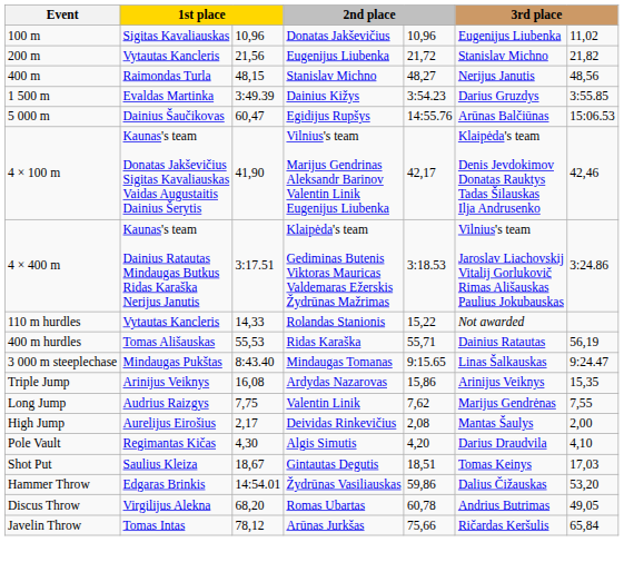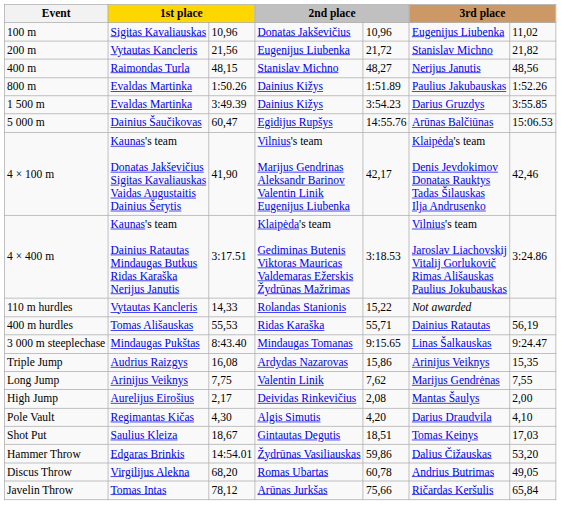 <table class="wikitable">
 <tr>
 <th>Event</th>
 <th style="background:gold;" colspan=2>1st place</th>
 <th style="background:silver;" colspan=2>2nd place</th>
 <th style="background:#CC9966;" colspan=2>3rd place</th>
 </tr>
 <tr>
 <td>100 m</td>
 <td><a href='#'>Sigitas Kavaliauskas</a></td>
 <td>10,96</td>
 <td><a href='#'>Donatas Jakševičius</a></td>
 <td>10,96</td>
 <td><a href='#'>Eugenijus Liubenka</a></td>
 <td>11,02</td>
 </tr>
 <tr>
 <td>200 m</td>
 <td><a href='#'>Vytautas Kancleris</a></td>
 <td>21,56</td>
 <td><a href='#'>Eugenijus Liubenka</a></td>
 <td>21,72</td>
 <td><a href='#'>Stanislav Michno</a></td>
 <td>21,82</td>
 </tr>
 <tr>
 <td>400 m</td>
 <td><a href='#'>Raimondas Turla</a></td>
 <td>48,15</td>
 <td><a href='#'>Stanislav Michno</a></td>
 <td>48,27</td>
 <td><a href='#'>Nerijus Janutis</a></td>
 <td>48,56</td>
+</tr>
+<tr>
+<td>800 m</td>
+<td><a href='#'>Evaldas Martinka</a></td>
+<td>1:50.26</td>
+<td><a href='#'>Dainius Kižys</a></td>
+<td>1:51.89</td>
+<td><a href='#'>Paulius Jakubauskas</a></td>
+<td>1:52.26</td>
 </tr>
 <tr>
 <td>1 500 m</td>
 <td><a href='#'>Evaldas Martinka</a></td>
 <td>3:49.39</td>
 <td><a href='#'>Dainius Kižys</a></td>
 <td>3:54.23</td>
 <td><a href='#'>Darius Gruzdys</a></td>
 <td>3:55.85</td>
 </tr>
 <tr>
 <td>5 000 m</td>
 <td><a href='#'>Dainius Šaučikovas</a></td>
 <td>60,47</td>
 <td><a href='#'>Egidijus Rupšys</a></td>
 <td>14:55.76</td>
 <td><a href='#'>Arūnas Balčiūnas</a></td>
 <td>15:06.53</td>
 </tr>
 <tr>
 <td>4 × 100 m</td>
 <td><a href='#'>Kaunas</a>'s team<br><br><a href='#'>Donatas Jakševičius</a><br> <a href='#'>Sigitas Kavaliauskas</a><br> <a href='#'>Vaidas Augustaitis</a><br> <a href='#'>Dainius Šerytis</a><br></td>
 <td>41,90</td>
 <td><a href='#'>Vilnius</a>'s team <br><br><a href='#'>Marijus Gendrinas</a><br> <a href='#'>Aleksandr Barinov</a><br> <a href='#'>Valentin Linik</a><br> <a href='#'>Eugenijus Liubenka</a><br></td>
 <td>42,17</td>
 <td><a href='#'>Klaipėda</a>'s team <br><br><a href='#'>Denis Jevdokimov</a><br> <a href='#'>Donatas Rauktys</a><br> <a href='#'>Tadas Šilauskas</a><br> <a href='#'>Ilja Andrusenko</a><br></td>
 <td>42,46</td>
 </tr>
 <tr>
 <td>4 × 400 m</td>
 <td><a href='#'>Kaunas</a>'s team<br><br><a href='#'>Dainius Ratautas</a><br> <a href='#'>Mindaugas Butkus</a><br> <a href='#'>Ridas Karaška</a><br> <a href='#'>Nerijus Janutis</a><br></td>
 <td>3:17.51</td>
 <td><a href='#'>Klaipėda</a>'s team<br><br><a href='#'>Gediminas Butenis</a><br> <a href='#'>Viktoras Mauricas</a><br> <a href='#'>Valdemaras Ežerskis</a><br> <a href='#'>Žydrūnas Mažrimas</a><br></td>
 <td>3:18.53</td>
 <td><a href='#'>Vilnius</a>'s team <br><br><a href='#'>Jaroslav Liachovskij</a><br> <a href='#'>Vitalij Gorlukovič</a><br> <a href='#'>Rimas Ališauskas</a><br> <a href='#'>Paulius Jokubauskas</a><br></td>
 <td>3:24.86</td>
 </tr>
 <tr>
 <td>110 m hurdles</td>
 <td><a href='#'>Vytautas Kancleris</a></td>
 <td>14,33</td>
 <td><a href='#'>Rolandas Stanionis</a></td>
 <td>15,22</td>
 <td><em>Not awarded</em></td>
 </tr>
 <tr>
 <td>400 m hurdles</td>
 <td><a href='#'>Tomas Ališauskas</a></td>
 <td>55,53</td>
 <td><a href='#'>Ridas Karaška</a></td>
 <td>55,71</td>
 <td><a href='#'>Dainius Ratautas</a></td>
 <td>56,19</td>
 </tr>
 <tr>
 <td>3 000 m steeplechase</td>
 <td><a href='#'>Mindaugas Pukštas</a></td>
 <td>8:43.40</td>
 <td><a href='#'>Mindaugas Tomanas</a></td>
 <td>9:15.65</td>
 <td><a href='#'>Linas Šalkauskas</a></td>
 <td>9:24.47</td>
 </tr>
 <tr>
 <td>Triple Jump</td>
-<td><a href='#'>Arinijus Veiknys</a></td>
+<td><a href='#'>Audrius Raizgys</a></td>
 <td>16,08</td>
 <td><a href='#'>Ardydas Nazarovas</a></td>
 <td>15,86</td>
 <td><a href='#'>Arinijus Veiknys</a></td>
 <td>15,35</td>
 </tr>
 <tr>
 <td>Long Jump</td>
-<td><a href='#'>Audrius Raizgys</a></td>
+<td><a href='#'>Arinijus Veiknys</a></td>
 <td>7,75</td>
 <td><a href='#'>Valentin Linik</a></td>
 <td>7,62</td>
 <td><a href='#'>Marijus Gendrėnas</a></td>
 <td>7,55</td>
 </tr>
 <tr>
 <td>High Jump</td>
 <td><a href='#'>Aurelijus Eirošius</a></td>
 <td>2,17</td>
 <td><a href='#'>Deividas Rinkevičius</a></td>
 <td>2,08</td>
 <td><a href='#'>Mantas Šaulys</a></td>
 <td>2,00</td>
 </tr>
 <tr>
 <td>Pole Vault</td>
 <td><a href='#'>Regimantas Kičas</a></td>
 <td>4,30</td>
 <td><a href='#'>Algis Simutis</a></td>
 <td>4,20</td>
 <td><a href='#'>Darius Draudvila</a></td>
 <td>4,10</td>
 </tr>
 <tr>
 <td>Shot Put</td>
 <td><a href='#'>Saulius Kleiza</a></td>
 <td>18,67</td>
 <td><a href='#'>Gintautas Degutis</a></td>
 <td>18,51</td>
 <td><a href='#'>Tomas Keinys</a></td>
 <td>17,03</td>
 </tr>
 <tr>
 <td>Hammer Throw</td>
 <td><a href='#'>Edgaras Brinkis</a></td>
 <td>14:54.01</td>
 <td><a href='#'>Žydrūnas Vasiliauskas</a></td>
 <td>59,86</td>
 <td><a href='#'>Dalius Čižauskas</a></td>
 <td>53,20</td>
 </tr>
 <tr>
 <td>Discus Throw</td>
 <td><a href='#'>Virgilijus Alekna</a></td>
 <td>68,20</td>
 <td><a href='#'>Romas Ubartas</a></td>
 <td>60,78</td>
 <td><a href='#'>Andrius Butrimas</a></td>
 <td>49,05</td>
 </tr>
 <tr>
 <td>Javelin Throw</td>
 <td><a href='#'>Tomas Intas</a></td>
 <td>78,12</td>
 <td><a href='#'>Arūnas Jurkšas</a></td>
 <td>75,66</td>
 <td><a href='#'>Ričardas Keršulis</a></td>
 <td>65,84</td>
 </tr>
 </table>
